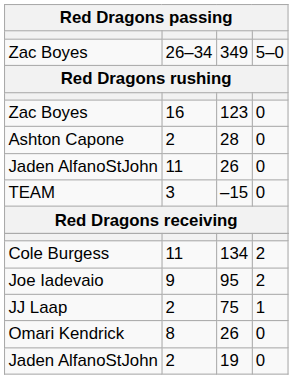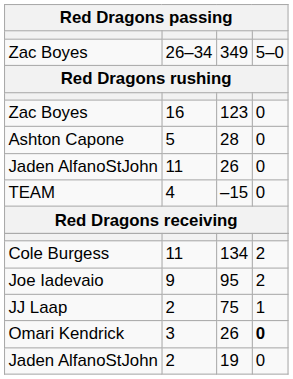 <table class="wikitable plainrowheaders">
 <tr>
 <th colspan="6">Red Dragons passing</th>
 </tr>
 <tr>
 <th scope="col"></th>
 <th scope="col"></th>
 <th scope="col"></th>
 <th scope="col"></th>
 </tr>
 <tr>
 <td>Zac Boyes</td>
 <td>26–34</td>
 <td>349</td>
 <td>5–0</td>
 </tr>
 <tr>
 <th colspan="6">Red Dragons rushing</th>
 </tr>
 <tr>
 <th scope="col"></th>
 <th scope="col"></th>
 <th scope="col"></th>
 <th scope="col"></th>
 </tr>
 <tr>
 <td>Zac Boyes</td>
 <td>16</td>
 <td>123</td>
 <td>0</td>
 </tr>
 <tr>
 <td>Ashton Capone</td>
-<td>2</td>
+<td>5</td>
 <td>28</td>
 <td>0</td>
 </tr>
 <tr>
 <td>Jaden AlfanoStJohn</td>
 <td>11</td>
 <td>26</td>
 <td>0</td>
 </tr>
 <tr>
 <td>TEAM</td>
-<td>3</td>
+<td>4</td>
 <td>–15</td>
 <td>0</td>
 </tr>
 <tr>
 <th colspan="6">Red Dragons receiving</th>
 </tr>
 <tr>
 </tr>
 <tr>
 <th scope="col"></th>
 <th scope="col"></th>
 <th scope="col"></th>
 <th scope="col"></th>
 </tr>
 <tr>
 <td>Cole Burgess</td>
 <td>11</td>
 <td>134</td>
 <td>2</td>
 </tr>
 <tr>
 <td>Joe Iadevaio</td>
 <td>9</td>
 <td>95</td>
 <td>2</td>
 </tr>
 <tr>
 <td>JJ Laap</td>
 <td>2</td>
 <td>75</td>
 <td>1</td>
 </tr>
 <tr>
 <td>Omari Kendrick</td>
-<td>8</td>
+<td>3</td>
 <td>26</td>
-<td>0</td>
+<td><strong>0</strong></td>
 </tr>
 <tr>
 <td>Jaden AlfanoStJohn</td>
 <td>2</td>
 <td>19</td>
 <td>0</td>
 </tr>
 </table>
